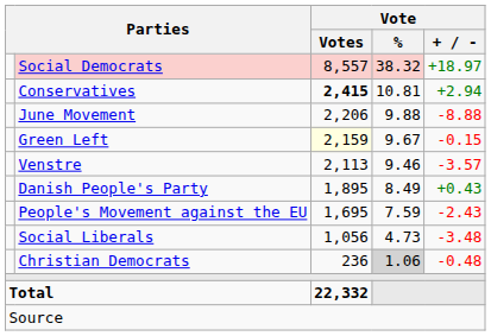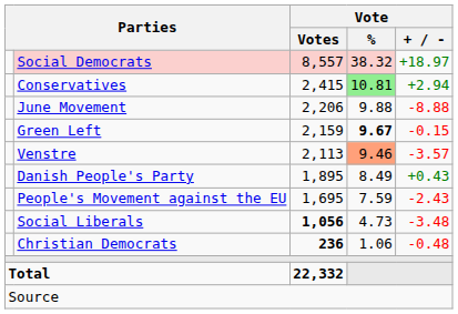 <table class="wikitable" style="text-align:right;">
 <tr>
 <th style="text-align:centre;" rowspan="2" colspan="2" width="225">Parties</th>
 <th colspan="3">Vote</th>
 </tr>
 <tr>
 <th width="15">Votes</th>
 <th width="15">%</th>
 <th width="15">+ / -</th>
 </tr>
 <tr>
 <td width="2" style="color:inherit;background:"></td>
 <td bgcolor=#fbd0ce   align="left"><a href='#'>Social Democrats</a></td>
 <td bgcolor=#fbd0ce>8,557</td>
 <td bgcolor=#fbd0ce>38.32</td>
 <td style=color:green;>+18.97</td>
 </tr>
 <tr>
 <td width="2" style="color:inherit;background:"></td>
 <td align="left"><a href='#'>Conservatives</a></td>
-<td><strong>2,415</strong></td>
-<td>10.81</td>
+<td>2,415</td>
+<td style="background: lightgreen;">10.81</td>
 <td style=color:green;>+2.94</td>
 </tr>
 <tr>
 <td width="2" style="color:inherit;background:"></td>
 <td align="left"><a href='#'>June Movement</a></td>
 <td>2,206</td>
 <td>9.88</td>
 <td style=color:red;>-8.88</td>
 </tr>
 <tr>
 <td width="2" style="color:inherit;background:"></td>
 <td align="left"><a href='#'>Green Left</a></td>
-<td style="background: lightyellow;">2,159</td>
-<td>9.67</td>
+<td>2,159</td>
+<td><strong>9.67</strong></td>
 <td style=color:red;>-0.15</td>
 </tr>
 <tr>
 <td width="2" style="color:inherit;background:"></td>
 <td align="left"><a href='#'>Venstre</a></td>
 <td>2,113</td>
-<td>9.46</td>
+<td style="background: lightsalmon;">9.46</td>
 <td style=color:red;>-3.57</td>
 </tr>
 <tr>
 <td width="2" style="color:inherit;background:"></td>
 <td align="left"><a href='#'>Danish People's Party</a></td>
 <td>1,895</td>
 <td>8.49</td>
 <td style=color:green;>+0.43</td>
 </tr>
 <tr>
 <td width="2" style="color:inherit;background:"></td>
 <td align="left"><a href='#'>People's Movement against the EU</a></td>
 <td>1,695</td>
 <td>7.59</td>
 <td style=color:red;>-2.43</td>
 </tr>
 <tr>
 <td width="2" style="color:inherit;background:"></td>
 <td align="left"><a href='#'>Social Liberals</a></td>
-<td>1,056</td>
+<td><strong>1,056</strong></td>
 <td>4.73</td>
 <td style=color:red;>-3.48</td>
 </tr>
 <tr>
 <td width="2" style="color:inherit;background:"></td>
 <td align="left"><a href='#'>Christian Democrats</a></td>
-<td>236</td>
-<td style="background: lightgrey;">1.06</td>
+<td><strong>236</strong></td>
+<td>1.06</td>
 <td style=color:red;>-0.48</td>
 </tr>
 <tr>
 <td colspan="7" bgcolor="#E9E9E9"></td>
 </tr>
 <tr>
 <td align="left" colspan="2"><strong>Total</strong></td>
 <td><strong>22,332</strong></td>
 <td bgcolor="#E9E9E9" colspan="2"></td>
 </tr>
 <tr>
 <td align="left" colspan="6">Source</td>
 </tr>
 </table>
